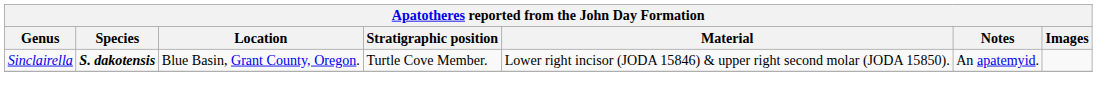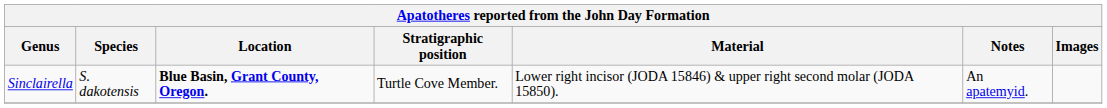 <table class="wikitable" align="center">
 <tr>
 <th colspan="7" align="center"><strong><a href='#'>Apatotheres</a> reported from the John Day Formation</strong></th>
 </tr>
 <tr>
 <th>Genus</th>
 <th>Species</th>
 <th>Location</th>
 <th><strong>Stratigraphic position</strong></th>
 <th><strong>Material</strong></th>
 <th>Notes</th>
 <th>Images</th>
 </tr>
 <tr>
 <td><em><a href='#'>Sinclairella</a></em></td>
-<td><strong><em>S. dakotensis</em></strong></td>
-<td>Blue Basin, <a href='#'>Grant County, Oregon</a>.</td>
+<td><em>S. dakotensis</em></td>
+<td><strong>Blue Basin, <a href='#'>Grant County, Oregon</a>.</strong></td>
 <td>Turtle Cove Member.</td>
 <td>Lower right incisor (JODA 15846) & upper right second molar (JODA 15850).</td>
 <td>An <a href='#'>apatemyid</a>.</td>
 <td></td>
 </tr>
 <tr>
 </tr>
 </table>
